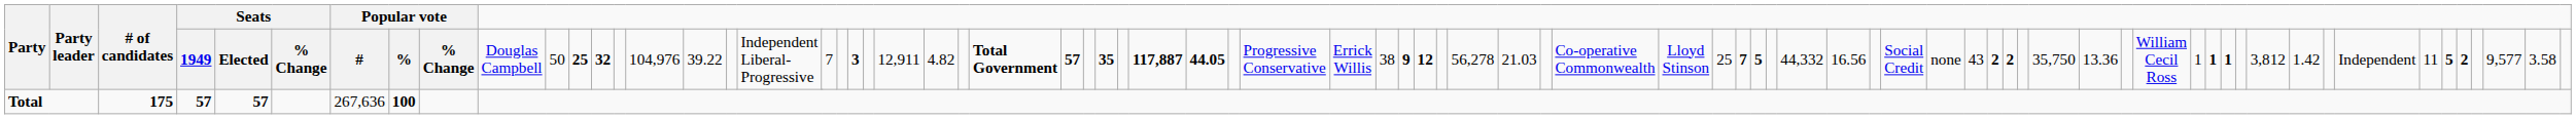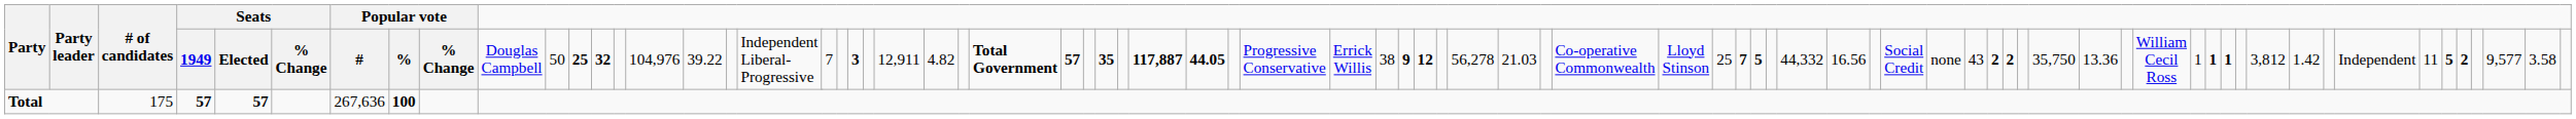 <table class="wikitable">
 <tr>
 <th rowspan=2 colspan=2>Party</th>
 <th rowspan=2>Party leader</th>
 <th rowspan=2># of<br>candidates</th>
 <th colspan=3>Seats</th>
 <th colspan=3>Popular vote</th>
 </tr>
 <tr>
 <th><a href='#'>1949</a></th>
 <th>Elected</th>
 <th>% Change</th>
 <th>#</th>
 <th>%</th>
 <th>% Change<br></th>
 <td align="center"><a href='#'>Douglas Campbell</a></td>
 <td align="right">50</td>
 <td align="right"><strong>25</strong></td>
 <td align="right"><strong>32</strong></td>
 <td align="right"> </td>
 <td align="right">104,976</td>
 <td align="right">39.22</td>
 <td align="right"> <br></td>
 <td colspan=2>Independent Liberal-Progressive</td>
 <td align="right">7</td>
 <td align="right"> </td>
 <td align="right"><strong>3</strong></td>
 <td align="right"> </td>
 <td align="right">12,911</td>
 <td align="right">4.82</td>
 <td align="right"> <br></td>
 <td colspan=2><strong>Total Government</strong></td>
 <td align="right"><strong>57</strong></td>
 <td align="right"> </td>
 <td align="right"><strong>35</strong></td>
 <td align="right"> </td>
 <td align="right"><strong>117,887</strong></td>
 <td align="right"><strong>44.05</strong></td>
 <td align="right"> <br></td>
 <td><a href='#'>Progressive Conservative</a></td>
 <td align="center"><a href='#'>Errick Willis</a></td>
 <td align="right">38</td>
 <td align="right"><strong>9</strong></td>
 <td align="right"><strong>12</strong></td>
 <td align="right"> </td>
 <td align="right">56,278</td>
 <td align="right">21.03</td>
 <td align="right"> <br></td>
 <td><a href='#'>Co-operative Commonwealth</a></td>
 <td align="center"><a href='#'>Lloyd Stinson</a></td>
 <td align="right">25</td>
 <td align="right"><strong>7</strong></td>
 <td align="right"><strong>5</strong></td>
 <td align="right"> </td>
 <td align="right">44,332</td>
 <td align="right">16.56</td>
 <td align="right"> <br></td>
 <td><a href='#'>Social Credit</a></td>
 <td align="center">none</td>
 <td align="right">43</td>
 <td align="right"><strong>2</strong></td>
 <td align="right"><strong>2</strong></td>
 <td align="right"> </td>
 <td align="right">35,750</td>
 <td align="right">13.36</td>
 <td align="right"> <br></td>
 <td align="center"><a href='#'>William Cecil Ross</a></td>
 <td align="right">1</td>
 <td align="right"><strong>1</strong></td>
 <td align="right"><strong>1</strong></td>
 <td align="right"> </td>
 <td align="right">3,812</td>
 <td align="right">1.42</td>
 <td align="right"> <br></td>
 <td colspan=2>Independent</td>
 <td align="right">11</td>
 <td align="right"><strong>5</strong></td>
 <td align="right"><strong>2</strong></td>
 <td align="right"> </td>
 <td align="right">9,577</td>
 <td align="right">3.58</td>
 <td align="right"> </td>
 </tr>
 <tr>
 <td colspan=3><strong>Total</strong></td>
-<td align="right"><strong>175</strong></td>
+<td align="right">175</td>
 <td align="right"><strong>57</strong></td>
 <td align="right"><strong>57</strong></td>
 <td align="right"> </td>
 <td align="right">267,636</td>
 <td align="right"><strong>100</strong></td>
 <td align="right"> </td>
 </tr>
 </table>
